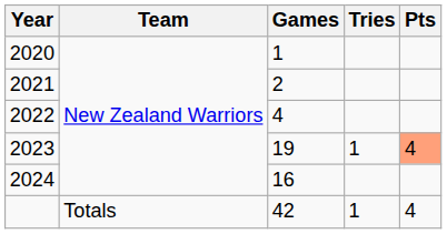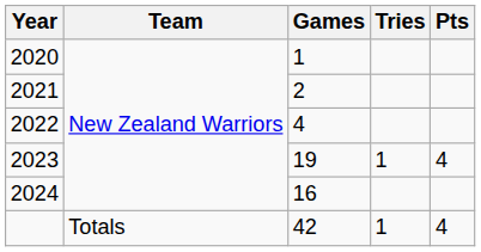 <table class="wikitable">
 <tr>
 <th>Year</th>
 <th>Team</th>
 <th>Games</th>
 <th>Tries</th>
 <th>Pts</th>
 </tr>
 <tr>
 <td>2020</td>
 <td rowspan="5"> <a href='#'>New Zealand Warriors</a></td>
 <td>1</td>
 <td></td>
 <td></td>
 </tr>
 <tr>
 <td>2021</td>
 <td>2</td>
 <td></td>
 <td></td>
 </tr>
 <tr>
 <td>2022</td>
 <td>4</td>
 <td></td>
 <td></td>
 </tr>
 <tr>
 <td>2023</td>
 <td>19</td>
 <td>1</td>
-<td style="background: lightsalmon;">4</td>
+<td>4</td>
 </tr>
 <tr>
 <td>2024</td>
 <td>16</td>
 <td></td>
 <td></td>
 </tr>
 <tr>
 <td></td>
 <td>Totals</td>
 <td>42</td>
 <td>1</td>
 <td>4</td>
 </tr>
 </table>
